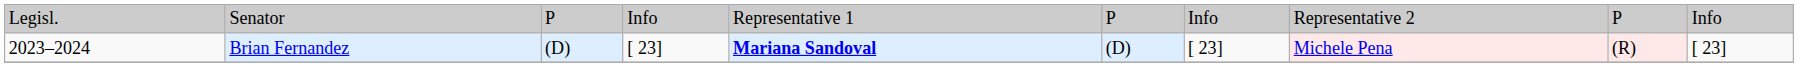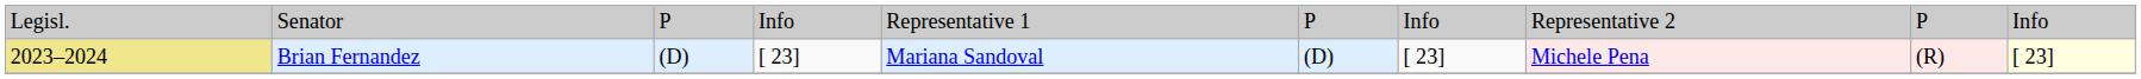 <table class=wikitable width="100%" border="1">
 <tr style="background-color:#cccccc;">
 <td>Legisl.</td>
 <td>Senator</td>
 <td>P</td>
 <td>Info</td>
 <td>Representative 1</td>
 <td>P</td>
 <td>Info</td>
 <td>Representative 2</td>
 <td>P</td>
 <td>Info</td>
 </tr>
 <tr>
-<td>2023–2024</td>
+<td style="background: khaki;">2023–2024</td>
 <td style="background:#DDEEFF"><a href='#'>Brian Fernandez</a></td>
 <td style="background:#DDEEFF">(D)</td>
 <td>[ 23]</td>
-<td style="background:#DDEEFF"><strong><a href='#'>Mariana Sandoval</a></strong></td>
+<td style="background:#DDEEFF"><a href='#'>Mariana Sandoval</a></td>
 <td style="background:#DDEEFF">(D)</td>
 <td>[ 23]</td>
 <td style="background:#FFE8E8"><a href='#'>Michele Pena</a></td>
 <td style="background:#FFE8E8">(R)</td>
-<td>[ 23]</td>
+<td style="background: lightyellow;">[ 23]</td>
 </tr>
 <tr>
 </tr>
 </table>
